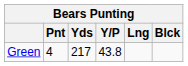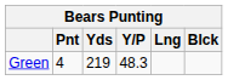 <table class="wikitable">
 <tr>
 <th colspan="6">Bears Punting</th>
 </tr>
 <tr>
 <th></th>
 <th>Pnt</th>
 <th>Yds</th>
 <th>Y/P</th>
 <th>Lng</th>
 <th>Blck</th>
 </tr>
 <tr>
 <td><a href='#'>Green</a></td>
 <td>4</td>
-<td>217</td>
-<td>43.8</td>
+<td>219</td>
+<td>48.3</td>
 <td></td>
 <td></td>
 </tr>
 </table>
